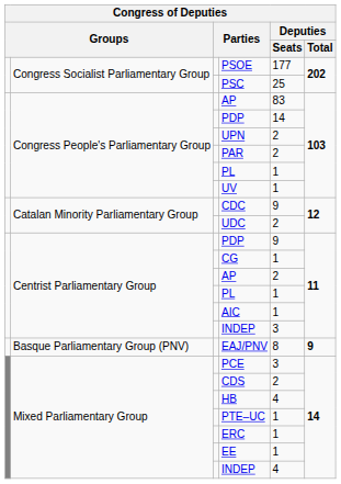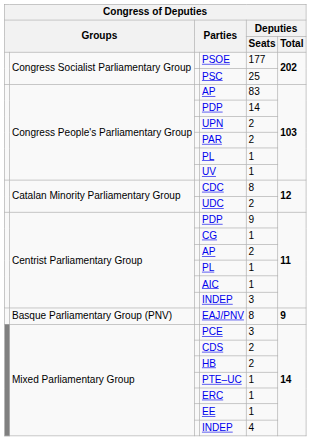 <table class="wikitable" style="text-align:left;">
 <tr>
 <th colspan="6">Congress of Deputies</th>
 </tr>
 <tr>
 <th rowspan="2" colspan="2">Groups</th>
 <th rowspan="2" colspan="2">Parties</th>
 <th colspan="2">Deputies</th>
 </tr>
 <tr>
 <th>Seats</th>
 <th>Total</th>
 </tr>
 <tr>
 <td width="1" rowspan="2"></td>
 <td rowspan="2">Congress Socialist Parliamentary Group</td>
 <td width="1" style="color:inherit;background:"></td>
 <td><a href='#'>PSOE</a></td>
 <td>177</td>
 <td rowspan="2"><strong>202</strong></td>
 </tr>
 <tr>
 <td style="color:inherit;background:"></td>
 <td><a href='#'>PSC</a></td>
 <td>25</td>
 </tr>
 <tr>
 <td rowspan="6" style="color:inherit;background:"></td>
 <td rowspan="6">Congress People's Parliamentary Group</td>
 <td style="color:inherit;background:"></td>
 <td><a href='#'>AP</a></td>
 <td>83</td>
 <td rowspan="6"><strong>103</strong></td>
 </tr>
 <tr>
 <td style="color:inherit;background:"></td>
 <td><a href='#'>PDP</a></td>
 <td>14</td>
 </tr>
 <tr>
 <td style="color:inherit;background:"></td>
 <td><a href='#'>UPN</a></td>
 <td>2</td>
 </tr>
 <tr>
 <td style="color:inherit;background:"></td>
 <td><a href='#'>PAR</a></td>
 <td>2</td>
 </tr>
 <tr>
 <td style="color:inherit;background:"></td>
 <td><a href='#'>PL</a></td>
 <td>1</td>
 </tr>
 <tr>
 <td style="color:inherit;background:"></td>
 <td><a href='#'>UV</a></td>
 <td>1</td>
 </tr>
 <tr>
 <td rowspan="2" style="color:inherit;background:"></td>
 <td rowspan="2">Catalan Minority Parliamentary Group</td>
 <td style="color:inherit;background:"></td>
 <td><a href='#'>CDC</a></td>
-<td>9</td>
+<td>8</td>
 <td rowspan="2"><strong>12</strong></td>
 </tr>
 <tr>
 <td style="color:inherit;background:"></td>
 <td><a href='#'>UDC</a></td>
 <td>2</td>
 </tr>
 <tr>
 <td rowspan="6" style="color:inherit;background:"></td>
 <td rowspan="6">Centrist Parliamentary Group</td>
 <td style="color:inherit;background:"></td>
 <td><a href='#'>PDP</a></td>
 <td>9</td>
 <td rowspan="6"><strong>11</strong></td>
 </tr>
 <tr>
 <td style="color:inherit;background:"></td>
 <td><a href='#'>CG</a></td>
 <td>1</td>
 </tr>
 <tr>
 <td style="color:inherit;background:"></td>
 <td><a href='#'>AP</a></td>
 <td>2</td>
 </tr>
 <tr>
 <td style="color:inherit;background:"></td>
 <td><a href='#'>PL</a></td>
 <td>1</td>
 </tr>
 <tr>
 <td style="color:inherit;background:"></td>
 <td><a href='#'>AIC</a></td>
 <td>1</td>
 </tr>
 <tr>
 <td style="color:inherit;background:"></td>
 <td><a href='#'>INDEP</a></td>
 <td>3</td>
 </tr>
 <tr>
 <td style="color:inherit;background:"></td>
 <td>Basque Parliamentary Group (PNV)</td>
 <td style="color:inherit;background:"></td>
 <td><a href='#'>EAJ/PNV</a></td>
 <td>8</td>
 <td><strong>9</strong></td>
 </tr>
 <tr>
 <td rowspan="7" bgcolor="gray"></td>
 <td rowspan="7">Mixed Parliamentary Group</td>
 <td style="color:inherit;background:"></td>
 <td><a href='#'>PCE</a></td>
 <td>3</td>
 <td rowspan="7"><strong>14</strong></td>
 </tr>
 <tr>
 <td style="color:inherit;background:"></td>
 <td><a href='#'>CDS</a></td>
 <td>2</td>
 </tr>
 <tr>
 <td style="color:inherit;background:"></td>
 <td><a href='#'>HB</a></td>
-<td>4</td>
+<td>2</td>
 </tr>
 <tr>
 <td style="color:inherit;background:"></td>
 <td><a href='#'>PTE–UC</a></td>
 <td>1</td>
 </tr>
 <tr>
 <td style="color:inherit;background:"></td>
 <td><a href='#'>ERC</a></td>
 <td>1</td>
 </tr>
 <tr>
 <td style="color:inherit;background:"></td>
 <td><a href='#'>EE</a></td>
 <td>1</td>
 </tr>
 <tr>
 <td style="color:inherit;background:"></td>
 <td><a href='#'>INDEP</a></td>
 <td>4</td>
 </tr>
 </table>
